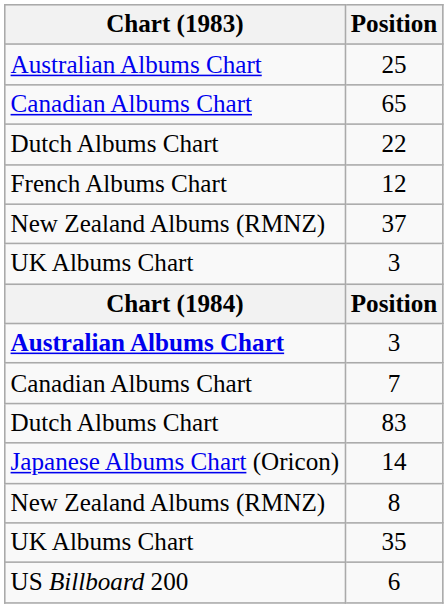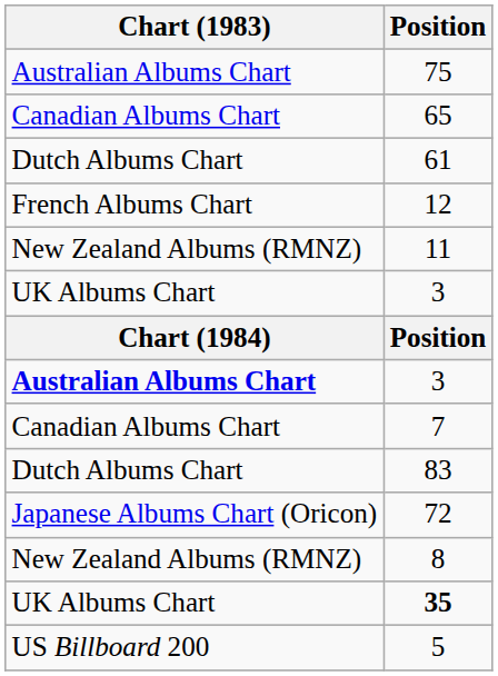 <table class="wikitable" style="text-align:center;">
 <tr>
 <th>Chart (1983)</th>
 <th>Position</th>
 </tr>
 <tr>
 <td align="left"><a href='#'>Australian Albums Chart</a></td>
-<td>25</td>
+<td>75</td>
 </tr>
 <tr>
 <td align="left"><a href='#'>Canadian Albums Chart</a></td>
 <td>65</td>
 </tr>
 <tr>
 <td align="left">Dutch Albums Chart</td>
-<td>22</td>
+<td>61</td>
 </tr>
 <tr>
 <td align="left">French Albums Chart</td>
 <td>12</td>
 </tr>
 <tr>
 <td align="left">New Zealand Albums (RMNZ)</td>
-<td>37</td>
+<td>11</td>
 </tr>
 <tr>
 <td align="left">UK Albums Chart</td>
 <td>3</td>
 </tr>
 <tr>
 <th>Chart (1984)</th>
 <th>Position</th>
 </tr>
 <tr>
 <td align="left"><strong><a href='#'>Australian Albums Chart</a></strong></td>
 <td>3</td>
 </tr>
 <tr>
 <td align="left">Canadian Albums Chart</td>
 <td>7</td>
 </tr>
 <tr>
 <td align="left">Dutch Albums Chart</td>
 <td>83</td>
 </tr>
 <tr>
 <td align="left"><a href='#'>Japanese Albums Chart</a> (Oricon)</td>
-<td>14</td>
+<td>72</td>
 </tr>
 <tr>
 <td align="left">New Zealand Albums (RMNZ)</td>
 <td>8</td>
 </tr>
 <tr>
 <td align="left">UK Albums Chart</td>
-<td>35</td>
+<td><strong>35</strong></td>
 </tr>
 <tr>
 <td align="left">US <em>Billboard</em> 200</td>
-<td>6</td>
+<td>5</td>
 </tr>
 </table>
